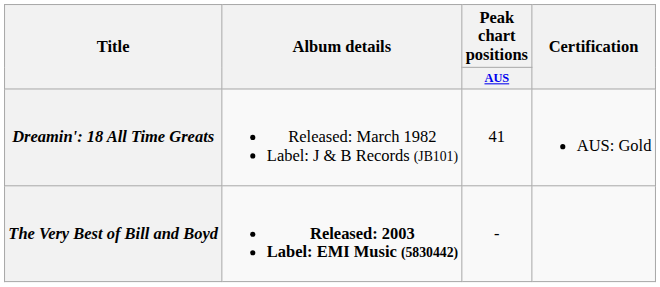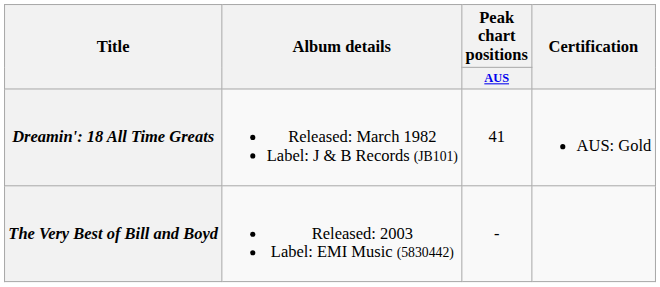 <table class="wikitable plainrowheaders" style="text-align:center;">
 <tr>
 <th rowspan="2">Title</th>
 <th rowspan="2">Album details</th>
 <th>Peak chart positions</th>
 <th rowspan="2">Certification</th>
 </tr>
 <tr>
 <th style="width:3em;font-size:75%"><a href='#'>AUS</a></th>
 </tr>
 <tr>
 <th scope="row"><em>Dreamin': 18 All Time Greats</em></th>
 <td><br><ul><li>Released: March 1982</li><li>Label: J & B Records <small>(JB101)</small></li></ul></td>
 <td>41</td>
 <td><br><ul><li>AUS: Gold</li></ul></td>
 </tr>
 <tr>
 <th scope="row"><em>The Very Best of Bill and Boyd</em></th>
-<td><strong><br><ul><li>Released: 2003</li><li>Label: EMI Music <small>(5830442)</small></li></ul></strong></td>
+<td><br><ul><li>Released: 2003</li><li>Label: EMI Music <small>(5830442)</small></li></ul></td>
 <td>-</td>
 <td></td>
 </tr>
 </table>
